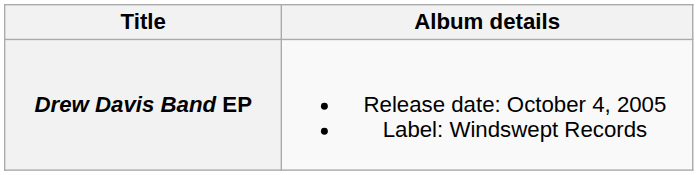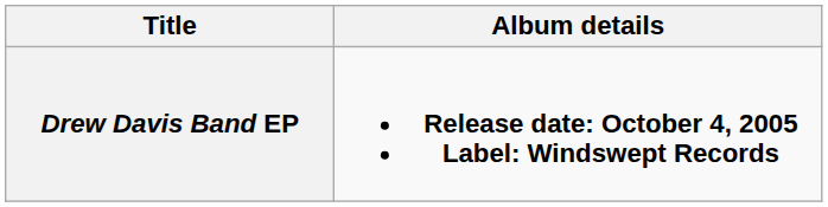 <table class="wikitable plainrowheaders" style="text-align:center;">
 <tr>
 <th style="width:12em;">Title</th>
 <th style="width:18em;">Album details</th>
 </tr>
 <tr>
 <th scope="row"><em>Drew Davis Band</em> EP</th>
-<td><br><ul><li>Release date: October 4, 2005</li><li>Label: Windswept Records</li></ul></td>
+<td><strong><br><ul><li>Release date: October 4, 2005</li><li>Label: Windswept Records</li></ul></strong></td>
 </tr>
 </table>
